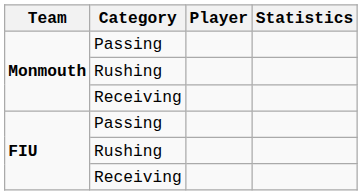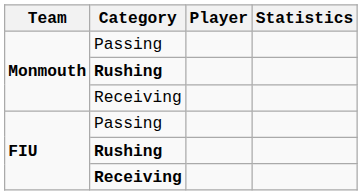 <table class="wikitable" style="float: right;">
 <tr>
 <th>Team</th>
 <th>Category</th>
 <th>Player</th>
 <th>Statistics</th>
 </tr>
 <tr>
 <td rowspan=3><strong>Monmouth</strong></td>
 <td>Passing</td>
 <td></td>
 <td></td>
 </tr>
 <tr>
-<td>Rushing</td>
+<td><strong>Rushing</strong></td>
 <td></td>
 <td></td>
 </tr>
 <tr>
 <td>Receiving</td>
 <td></td>
 <td></td>
 </tr>
 <tr>
 <td rowspan=3><strong>FIU</strong></td>
 <td>Passing</td>
 <td></td>
 <td></td>
 </tr>
 <tr>
-<td>Rushing</td>
+<td><strong>Rushing</strong></td>
 <td></td>
 <td></td>
 </tr>
 <tr>
-<td>Receiving</td>
+<td><strong>Receiving</strong></td>
 <td></td>
 <td></td>
 </tr>
 </table>
